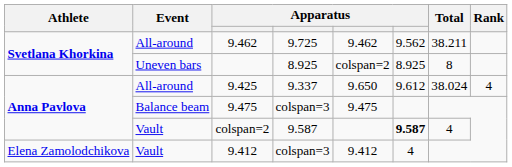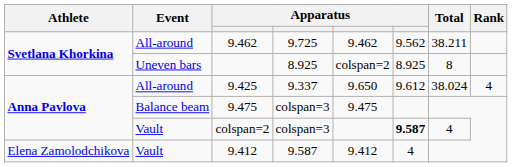 <table class="wikitable" style="font-size:90%">
 <tr>
 <th rowspan=2>Athlete</th>
 <th rowspan=2>Event</th>
 <th colspan =4>Apparatus</th>
 <th rowspan=2>Total</th>
 <th rowspan=2>Rank</th>
 </tr>
 <tr style="font-size:95%">
 <th></th>
 <th></th>
 <th></th>
 <th></th>
 </tr>
 <tr align=center>
 <td align=left rowspan=2><strong><a href='#'>Svetlana Khorkina</a></strong></td>
 <td align=left><a href='#'>All-around</a></td>
 <td>9.462</td>
 <td>9.725</td>
 <td>9.462</td>
 <td>9.562</td>
 <td>38.211</td>
 <td></td>
 </tr>
 <tr align=center>
 <td align=left><a href='#'>Uneven bars</a></td>
 <td></td>
 <td>8.925</td>
 <td>colspan=2 </td>
 <td>8.925</td>
 <td>8</td>
 </tr>
 <tr align=center>
 <td align=left rowspan=3><strong><a href='#'>Anna Pavlova</a></strong></td>
 <td align=left><a href='#'>All-around</a></td>
 <td>9.425</td>
 <td>9.337</td>
 <td>9.650</td>
 <td>9.612</td>
 <td>38.024</td>
 <td>4</td>
 </tr>
 <tr align=center>
 <td align=left><a href='#'>Balance beam</a></td>
 <td>9.475</td>
 <td>colspan=3 </td>
 <td>9.475</td>
 <td></td>
 </tr>
 <tr align=center>
 <td align=left><a href='#'>Vault</a></td>
 <td>colspan=2 </td>
-<td>9.587</td>
+<td>colspan=3 </td>
 <td></td>
 <td><strong>9.587</strong></td>
 <td>4</td>
 </tr>
 <tr align=center>
 <td align=left><a href='#'>Elena Zamolodchikova</a></td>
 <td align=left><a href='#'>Vault</a></td>
 <td>9.412</td>
-<td>colspan=3 </td>
+<td>9.587</td>
 <td>9.412</td>
 <td>4</td>
 </tr>
 </table>
